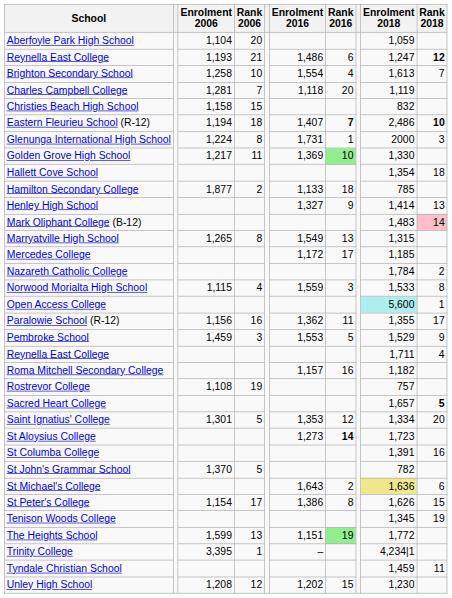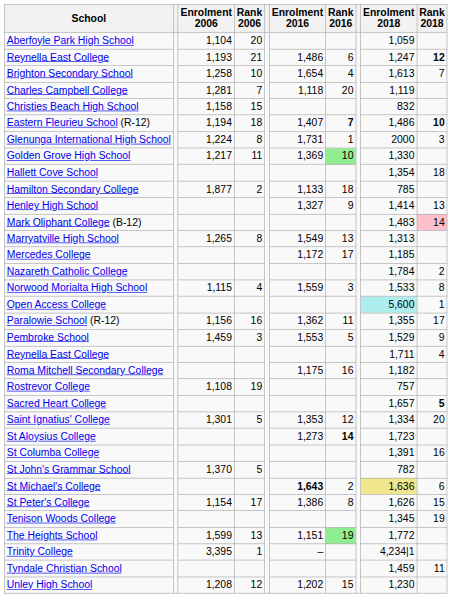 <table class="wikitable sortable" style="text-align:right">
 <tr>
 <th>School</th>
 <th></th>
 <th>Enrolment<br>2006</th>
 <th>Rank<br>2006</th>
 <th></th>
 <th>Enrolment<br>2016</th>
 <th>Rank<br>2016</th>
 <th></th>
 <th>Enrolment<br>2018</th>
 <th>Rank<br>2018</th>
 </tr>
 <tr>
 <td align=left><a href='#'>Aberfoyle Park High School</a></td>
 <td rowspan=34></td>
 <td>1,104</td>
 <td>20</td>
 <td rowspan=34></td>
 <td></td>
 <td></td>
 <td rowspan=34></td>
 <td>1,059</td>
 <td></td>
 </tr>
 <tr>
 <td align=left><a href='#'>Reynella East College</a></td>
 <td>1,193</td>
 <td>21</td>
 <td>1,486</td>
 <td>6</td>
 <td>1,247</td>
 <td><strong>12</strong></td>
 </tr>
 <tr>
 <td align=left><a href='#'>Brighton Secondary School</a></td>
 <td>1,258</td>
 <td>10</td>
-<td>1,554</td>
+<td>1,654</td>
 <td>4</td>
 <td>1,613</td>
 <td>7<br></td>
 </tr>
 <tr>
 <td align=left><a href='#'>Charles Campbell College</a></td>
 <td>1,281</td>
 <td>7</td>
 <td>1,118</td>
 <td>20</td>
 <td>1,119</td>
 <td><br></td>
 </tr>
 <tr>
 <td align=left><a href='#'>Christies Beach High School</a></td>
 <td>1,158</td>
 <td>15</td>
 <td></td>
 <td></td>
 <td>832</td>
 <td><br></td>
 </tr>
 <tr>
 <td align=left><a href='#'>Eastern Fleurieu School</a> (R-12)</td>
 <td>1,194</td>
 <td>18</td>
 <td>1,407</td>
 <td><strong>7</strong></td>
-<td>2,486</td>
+<td>1,486</td>
 <td><strong>10<br></strong></td>
 </tr>
 <tr>
 <td align=left><a href='#'>Glenunga International High School</a></td>
 <td>1,224</td>
 <td>8</td>
 <td>1,731</td>
 <td>1</td>
 <td>2000</td>
 <td>3</td>
 </tr>
 <tr>
 <td align=left><a href='#'>Golden Grove High School</a></td>
 <td>1,217</td>
 <td>11</td>
 <td>1,369</td>
 <td style="background: lightgreen;">10</td>
 <td>1,330</td>
 <td></td>
 </tr>
 <tr>
 <td align=left><a href='#'>Hallett Cove School</a></td>
 <td></td>
 <td></td>
 <td></td>
 <td></td>
 <td>1,354</td>
 <td>18</td>
 </tr>
 <tr>
 <td align=left><a href='#'>Hamilton Secondary College</a></td>
 <td>1,877</td>
 <td>2</td>
 <td>1,133</td>
 <td>18</td>
 <td>785</td>
 <td></td>
 </tr>
 <tr>
 <td align=left><a href='#'>Henley High School</a></td>
 <td></td>
 <td></td>
 <td>1,327</td>
 <td>9</td>
 <td>1,414</td>
 <td>13<br></td>
 </tr>
 <tr>
 <td align=left><a href='#'>Mark Oliphant College</a> (B-12)</td>
 <td></td>
 <td></td>
 <td></td>
 <td></td>
 <td>1,483</td>
 <td style="background: pink;">14<br></td>
 </tr>
 <tr>
 <td align=left><a href='#'>Marryatville High School</a></td>
 <td>1,265</td>
 <td>8</td>
 <td>1,549</td>
 <td>13</td>
-<td>1,315</td>
+<td>1,313</td>
 <td></td>
 </tr>
 <tr>
 <td align=left><a href='#'>Mercedes College</a></td>
 <td></td>
 <td></td>
 <td>1,172</td>
 <td>17</td>
 <td>1,185</td>
 <td></td>
 </tr>
 <tr>
 <td align=left><a href='#'>Nazareth Catholic College</a></td>
 <td></td>
 <td></td>
 <td></td>
 <td></td>
 <td>1,784</td>
 <td>2</td>
 </tr>
 <tr>
 <td align=left><a href='#'>Norwood Morialta High School</a></td>
 <td>1,115</td>
 <td>4</td>
 <td>1,559</td>
 <td>3</td>
 <td>1,533</td>
 <td>8<br></td>
 </tr>
 <tr>
 <td align=left><a href='#'>Open Access College</a></td>
 <td></td>
 <td></td>
 <td></td>
 <td></td>
 <td style="background: paleturquoise;">5,600</td>
 <td>1</td>
 </tr>
 <tr>
 <td align=left><a href='#'>Paralowie School</a> (R-12)</td>
 <td>1,156</td>
 <td>16</td>
 <td>1,362</td>
 <td>11</td>
 <td>1,355</td>
 <td>17</td>
 </tr>
 <tr>
 <td align=left><a href='#'>Pembroke School</a></td>
 <td>1,459</td>
 <td>3</td>
 <td>1,553</td>
 <td>5</td>
 <td>1,529</td>
 <td>9<br></td>
 </tr>
 <tr>
 <td align=left><a href='#'>Reynella East College</a></td>
 <td></td>
 <td></td>
 <td></td>
 <td></td>
 <td>1,711</td>
 <td>4</td>
 </tr>
 <tr>
 <td align=left><a href='#'>Roma Mitchell Secondary College</a></td>
 <td></td>
 <td></td>
-<td>1,157</td>
+<td>1,175</td>
 <td>16</td>
 <td>1,182</td>
 <td></td>
 </tr>
 <tr>
 <td align=left><a href='#'>Rostrevor College</a></td>
 <td>1,108</td>
 <td>19</td>
 <td></td>
 <td></td>
 <td>757</td>
 <td></td>
 </tr>
 <tr>
 <td align=left><a href='#'>Sacred Heart College</a></td>
 <td></td>
 <td></td>
 <td></td>
 <td></td>
 <td>1,657</td>
 <td><strong>5</strong></td>
 </tr>
 <tr>
 <td align=left><a href='#'>Saint Ignatius' College</a></td>
 <td>1,301</td>
 <td>5</td>
 <td>1,353</td>
 <td>12</td>
 <td>1,334</td>
 <td>20<br></td>
 </tr>
 <tr>
 <td align=left><a href='#'>St Aloysius College</a></td>
 <td></td>
 <td></td>
 <td>1,273</td>
 <td><strong>14</strong></td>
 <td>1,723</td>
 <td></td>
 </tr>
 <tr>
 <td align=left><a href='#'>St Columba College</a></td>
 <td></td>
 <td></td>
 <td></td>
 <td></td>
 <td>1,391</td>
 <td>16</td>
 </tr>
 <tr>
 <td align=left><a href='#'>St John's Grammar School</a></td>
 <td>1,370</td>
 <td>5</td>
 <td></td>
 <td></td>
 <td>782</td>
 <td></td>
 </tr>
 <tr>
 <td align=left><a href='#'>St Michael's College</a></td>
 <td></td>
 <td></td>
-<td>1,643</td>
+<td><strong>1,643</strong></td>
 <td>2</td>
 <td style="background: khaki;">1,636</td>
 <td>6</td>
 </tr>
 <tr>
 <td align=left><a href='#'>St Peter's College</a></td>
 <td>1,154</td>
 <td>17</td>
 <td>1,386</td>
 <td>8</td>
 <td>1,626</td>
 <td>15<br></td>
 </tr>
 <tr>
 <td align=left><a href='#'>Tenison Woods College</a></td>
 <td></td>
 <td></td>
 <td></td>
 <td></td>
 <td>1,345</td>
 <td>19<br></td>
 </tr>
 <tr>
 <td align=left><a href='#'>The Heights School</a></td>
 <td>1,599</td>
 <td>13</td>
 <td>1,151</td>
 <td style="background: lightgreen;">19</td>
 <td>1,772</td>
 <td></td>
 </tr>
 <tr>
 <td align=left><a href='#'>Trinity College</a></td>
 <td>3,395</td>
 <td>1</td>
 <td>–</td>
 <td></td>
 <td>4,234|1</td>
 </tr>
 <tr>
 <td align=left><a href='#'>Tyndale Christian School</a></td>
 <td></td>
 <td></td>
 <td></td>
 <td></td>
 <td>1,459</td>
 <td>11</td>
 </tr>
 <tr>
 <td align=left><a href='#'>Unley High School</a></td>
 <td>1,208</td>
 <td>12</td>
 <td>1,202</td>
 <td>15</td>
 <td>1,230</td>
 <td><br>   </td>
 </tr>
 </table>
